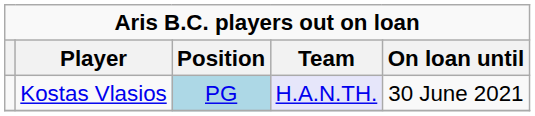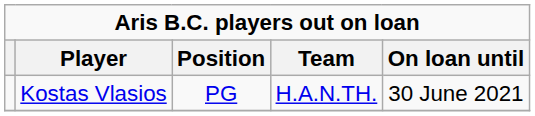 <table class="wikitable sortable" style="font-size: 95%; text-align:center">
 <tr>
 <td colspan="6"><strong>Aris B.C. players out on loan</strong></td>
 </tr>
 <tr>
 <th></th>
 <th>Player</th>
 <th>Position</th>
 <th>Team</th>
 <th>On loan until</th>
 </tr>
 <tr>
 <td></td>
 <td style="text-align:left;"><a href='#'>Kostas Vlasios</a></td>
-<td style="background: lightblue;"><a href='#'>PG</a></td>
-<td style="background: lavender; text-align:left;"> <a href='#'>H.A.N.TH.</a></td>
+<td><a href='#'>PG</a></td>
+<td style="text-align:left;"> <a href='#'>H.A.N.TH.</a></td>
 <td>30 June 2021</td>
 </tr>
 <tr>
 </tr>
 </table>
